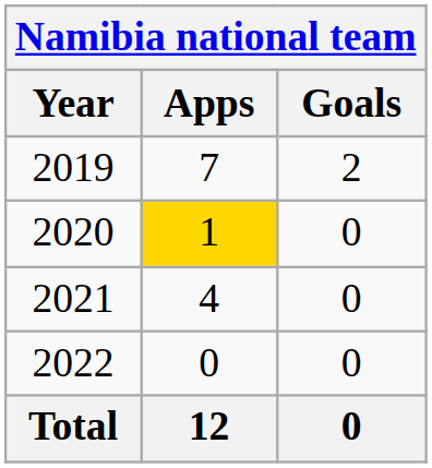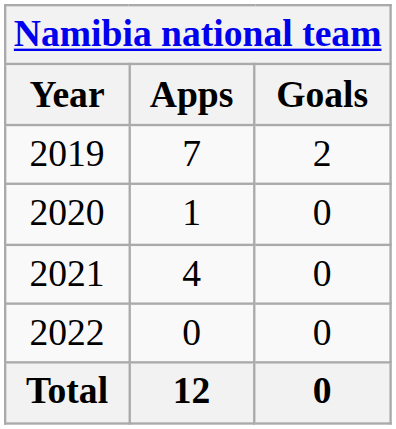 <table class="wikitable" style="text-align:center">
 <tr>
 <th colspan=3><a href='#'>Namibia national team</a></th>
 </tr>
 <tr>
 <th>Year</th>
 <th>Apps</th>
 <th>Goals</th>
 </tr>
 <tr>
 <td>2019</td>
 <td>7</td>
 <td>2</td>
 </tr>
 <tr>
 <td>2020</td>
-<td style="background: gold;">1</td>
+<td>1</td>
 <td>0</td>
 </tr>
 <tr>
 <td>2021</td>
 <td>4</td>
 <td>0</td>
 </tr>
 <tr>
 <td>2022</td>
 <td>0</td>
 <td>0</td>
 </tr>
 <tr>
 <th>Total</th>
 <th>12</th>
 <th>0</th>
 </tr>
 </table>
